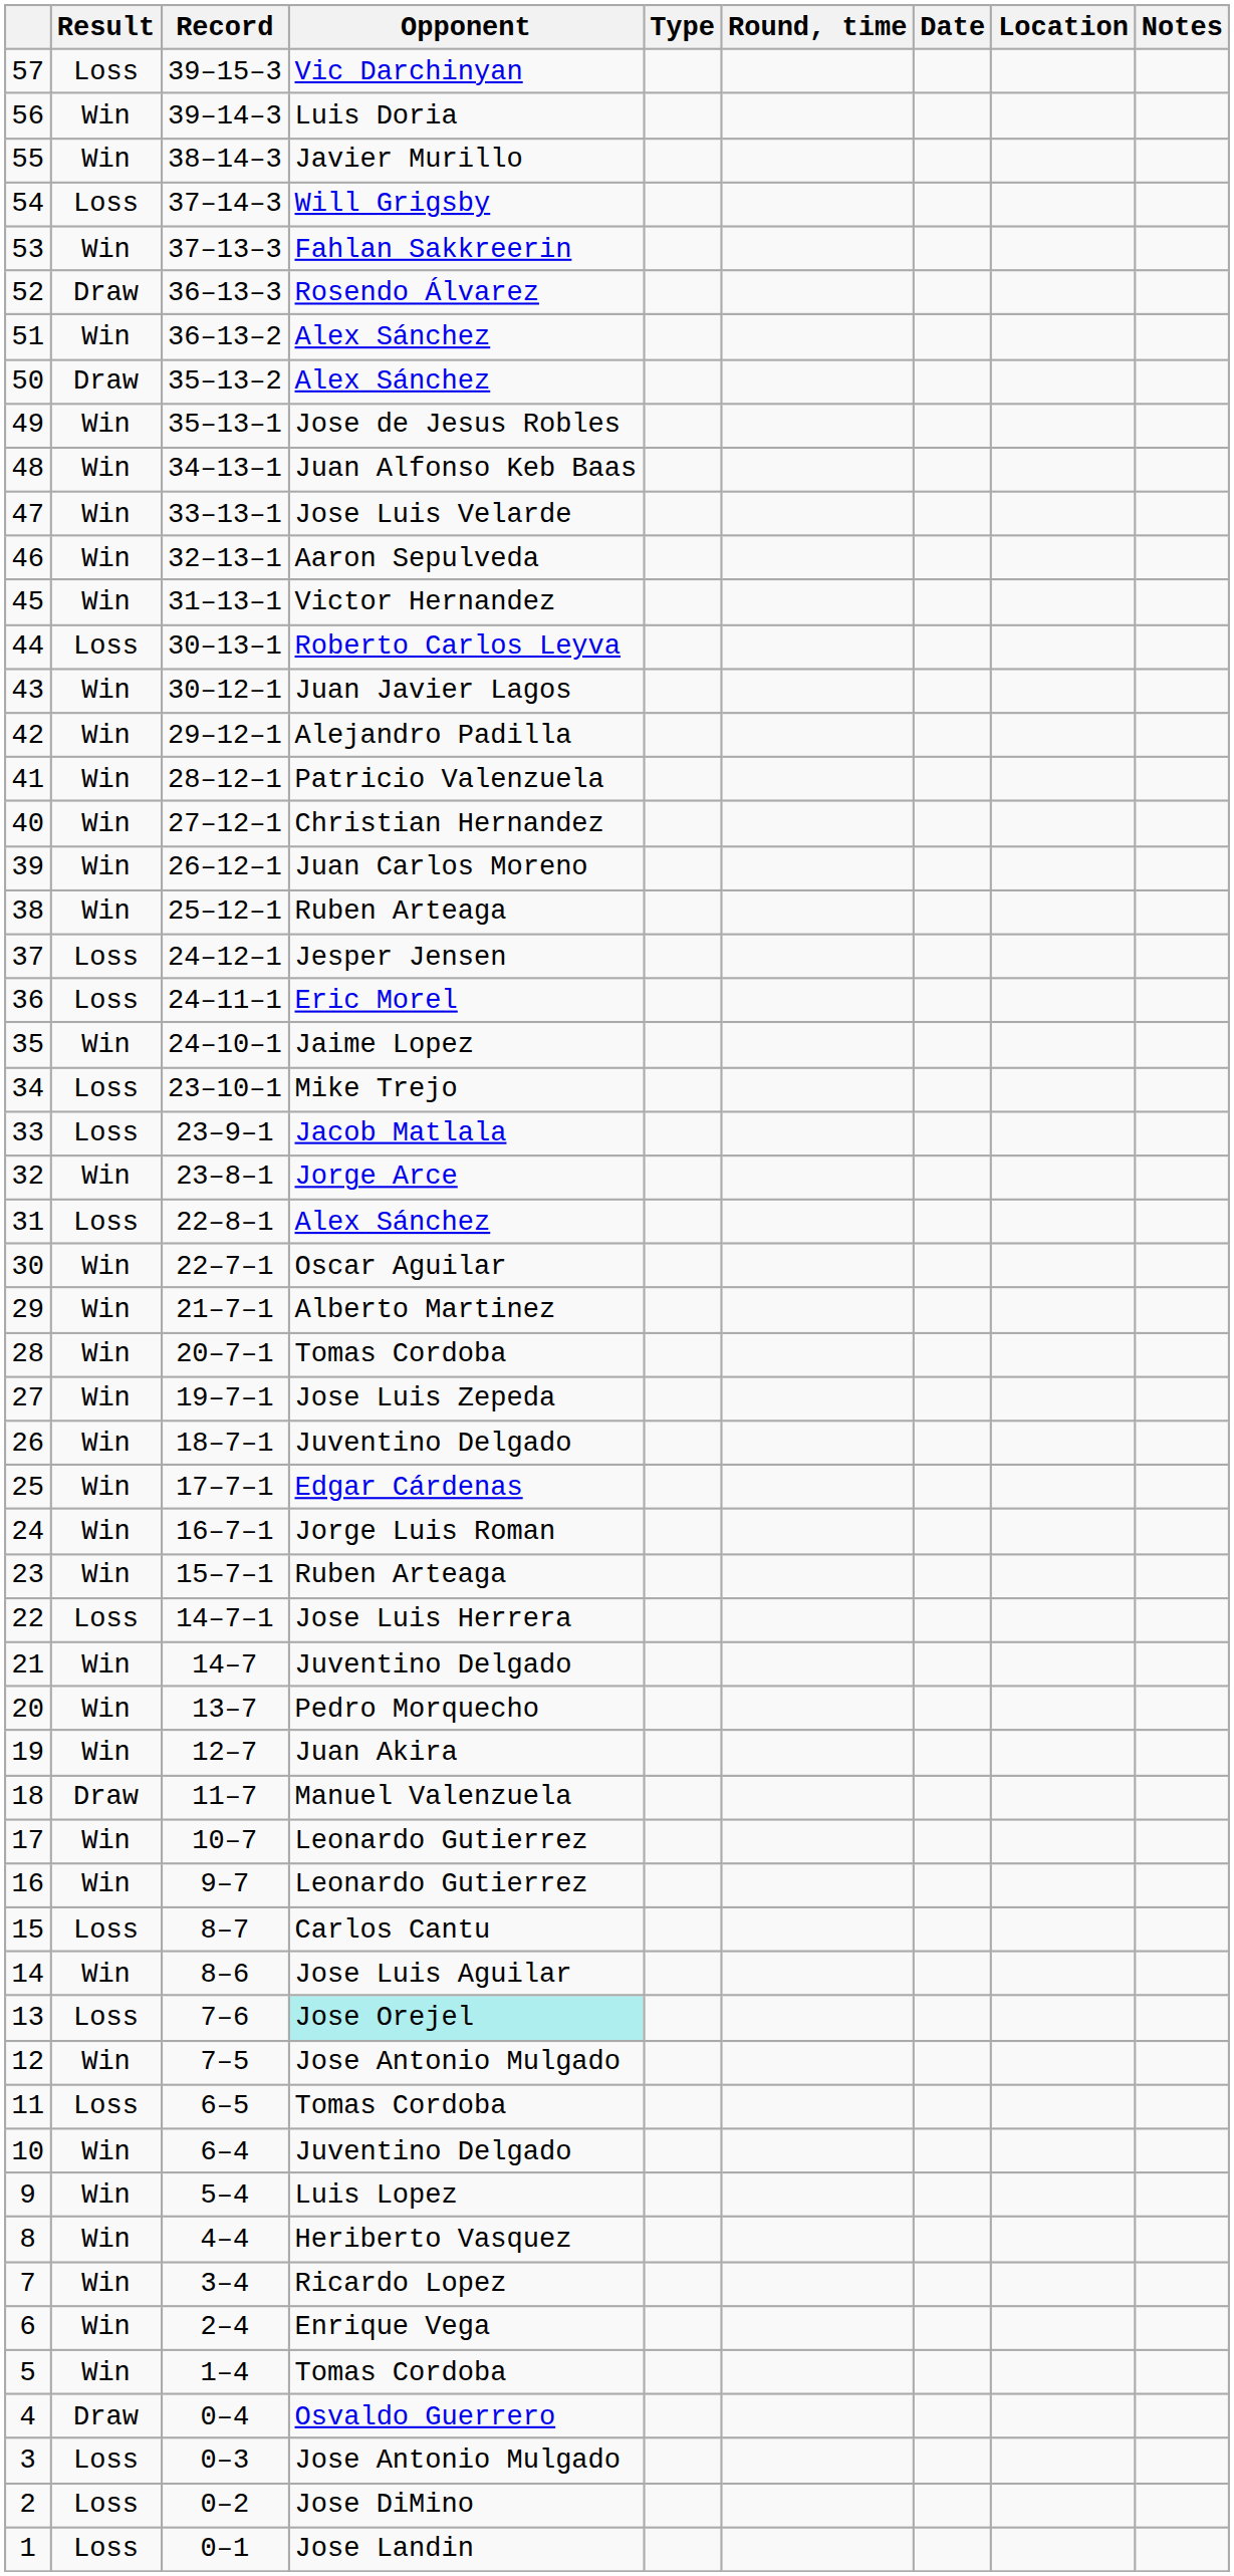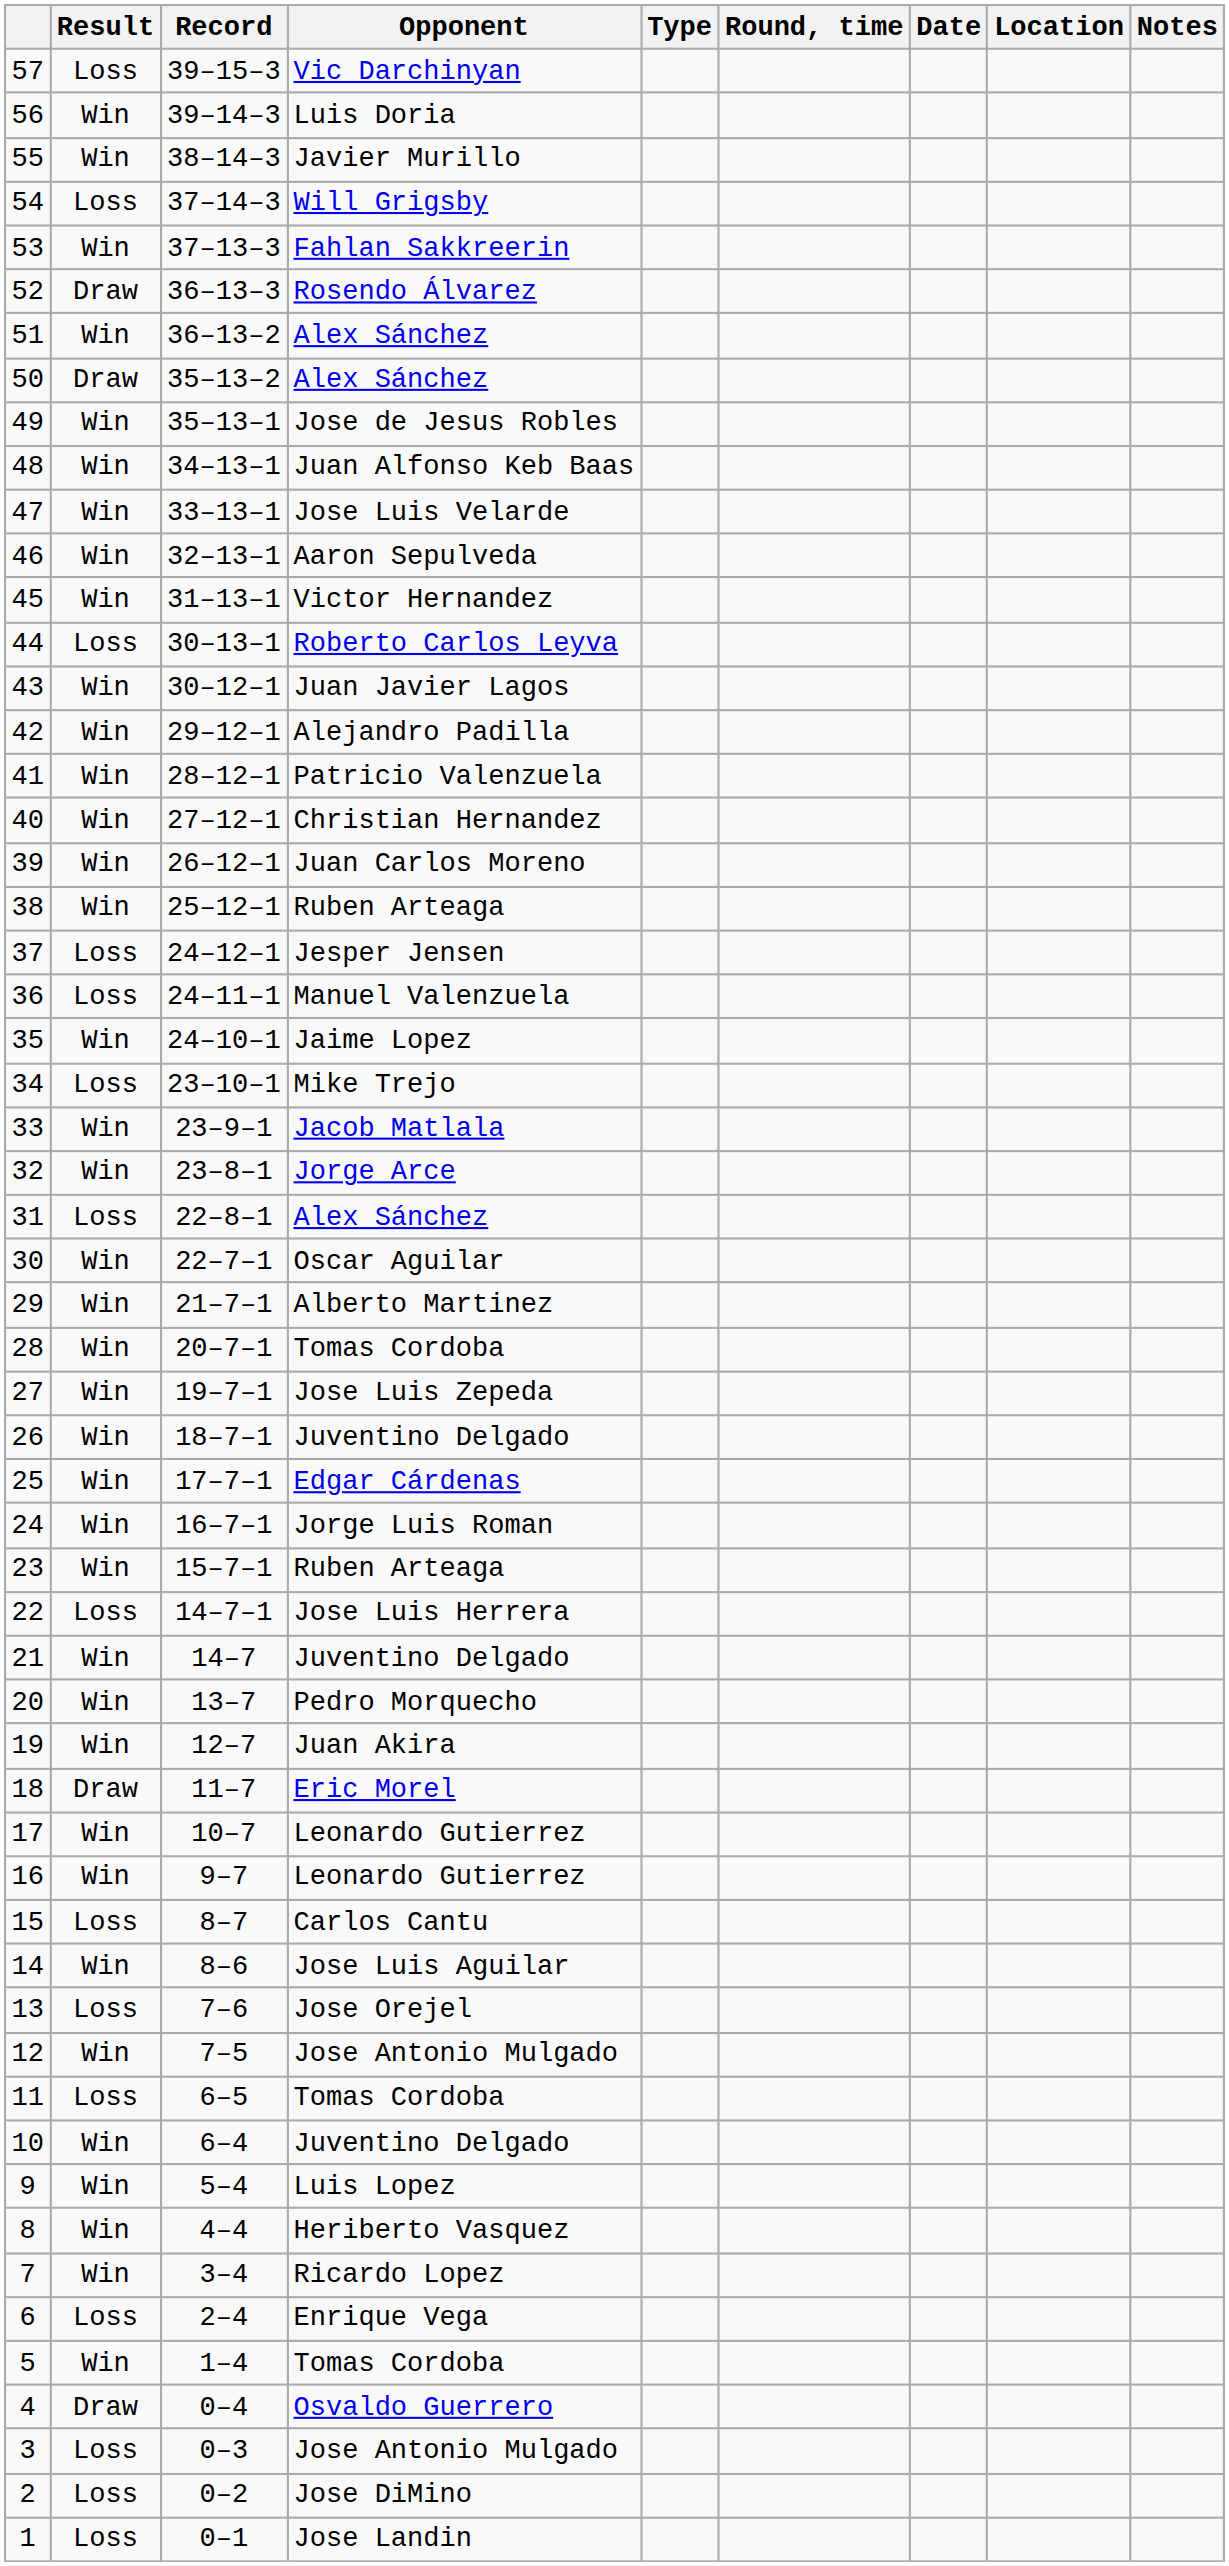 <table class="wikitable" style="text-align:center">
 <tr>
 <th></th>
 <th>Result</th>
 <th>Record</th>
 <th>Opponent</th>
 <th>Type</th>
 <th>Round, time</th>
 <th>Date</th>
 <th>Location</th>
 <th>Notes</th>
 </tr>
 <tr>
 <td>57</td>
 <td>Loss</td>
 <td>39–15–3</td>
 <td align=left><a href='#'>Vic Darchinyan</a></td>
 <td></td>
 <td></td>
 <td></td>
 <td align=left></td>
 <td align=left></td>
 </tr>
 <tr>
 <td>56</td>
 <td>Win</td>
 <td>39–14–3</td>
 <td align=left>Luis Doria</td>
 <td></td>
 <td></td>
 <td></td>
 <td align=left></td>
 <td align=left></td>
 </tr>
 <tr>
 <td>55</td>
 <td>Win</td>
 <td>38–14–3</td>
 <td align=left>Javier Murillo</td>
 <td></td>
 <td></td>
 <td></td>
 <td align=left></td>
 <td align=left></td>
 </tr>
 <tr>
 <td>54</td>
 <td>Loss</td>
 <td>37–14–3</td>
 <td align=left><a href='#'>Will Grigsby</a></td>
 <td></td>
 <td></td>
 <td></td>
 <td align=left></td>
 <td align=left></td>
 </tr>
 <tr>
 <td>53</td>
 <td>Win</td>
 <td>37–13–3</td>
 <td align=left><a href='#'>Fahlan Sakkreerin</a></td>
 <td></td>
 <td></td>
 <td></td>
 <td align=left></td>
 <td align=left></td>
 </tr>
 <tr>
 <td>52</td>
 <td>Draw</td>
 <td>36–13–3</td>
 <td align=left><a href='#'>Rosendo Álvarez</a></td>
 <td></td>
 <td></td>
 <td></td>
 <td align=left></td>
 <td align=left></td>
 </tr>
 <tr>
 <td>51</td>
 <td>Win</td>
 <td>36–13–2</td>
 <td align=left><a href='#'>Alex Sánchez</a></td>
 <td></td>
 <td></td>
 <td></td>
 <td align=left></td>
 <td align=left></td>
 </tr>
 <tr>
 <td>50</td>
 <td>Draw</td>
 <td>35–13–2</td>
 <td align=left><a href='#'>Alex Sánchez</a></td>
 <td></td>
 <td></td>
 <td></td>
 <td align=left></td>
 <td align=left></td>
 </tr>
 <tr>
 <td>49</td>
 <td>Win</td>
 <td>35–13–1</td>
 <td align=left>Jose de Jesus Robles</td>
 <td></td>
 <td></td>
 <td></td>
 <td align=left></td>
 <td align=left></td>
 </tr>
 <tr>
 <td>48</td>
 <td>Win</td>
 <td>34–13–1</td>
 <td align=left>Juan Alfonso Keb Baas</td>
 <td></td>
 <td></td>
 <td></td>
 <td align=left></td>
 <td align=left></td>
 </tr>
 <tr>
 <td>47</td>
 <td>Win</td>
 <td>33–13–1</td>
 <td align=left>Jose Luis Velarde</td>
 <td></td>
 <td></td>
 <td></td>
 <td align=left></td>
 <td align=left></td>
 </tr>
 <tr>
 <td>46</td>
 <td>Win</td>
 <td>32–13–1</td>
 <td align=left>Aaron Sepulveda</td>
 <td></td>
 <td></td>
 <td></td>
 <td align=left></td>
 <td align=left></td>
 </tr>
 <tr>
 <td>45</td>
 <td>Win</td>
 <td>31–13–1</td>
 <td align=left>Victor Hernandez</td>
 <td></td>
 <td></td>
 <td></td>
 <td align=left></td>
 <td align=left></td>
 </tr>
 <tr>
 <td>44</td>
 <td>Loss</td>
 <td>30–13–1</td>
 <td align=left><a href='#'>Roberto Carlos Leyva</a></td>
 <td></td>
 <td></td>
 <td></td>
 <td align=left></td>
 <td align=left></td>
 </tr>
 <tr>
 <td>43</td>
 <td>Win</td>
 <td>30–12–1</td>
 <td align=left>Juan Javier Lagos</td>
 <td></td>
 <td></td>
 <td></td>
 <td align=left></td>
 <td align=left></td>
 </tr>
 <tr>
 <td>42</td>
 <td>Win</td>
 <td>29–12–1</td>
 <td align=left>Alejandro Padilla</td>
 <td></td>
 <td></td>
 <td></td>
 <td align=left></td>
 <td align=left></td>
 </tr>
 <tr>
 <td>41</td>
 <td>Win</td>
 <td>28–12–1</td>
 <td align=left>Patricio Valenzuela</td>
 <td></td>
 <td></td>
 <td></td>
 <td align=left></td>
 <td align=left></td>
 </tr>
 <tr>
 <td>40</td>
 <td>Win</td>
 <td>27–12–1</td>
 <td align=left>Christian Hernandez</td>
 <td></td>
 <td></td>
 <td></td>
 <td align=left></td>
 <td align=left></td>
 </tr>
 <tr>
 <td>39</td>
 <td>Win</td>
 <td>26–12–1</td>
 <td align=left>Juan Carlos Moreno</td>
 <td></td>
 <td></td>
 <td></td>
 <td align=left></td>
 <td align=left></td>
 </tr>
 <tr>
 <td>38</td>
 <td>Win</td>
 <td>25–12–1</td>
 <td align=left>Ruben Arteaga</td>
 <td></td>
 <td></td>
 <td></td>
 <td align=left></td>
 <td align=left></td>
 </tr>
 <tr>
 <td>37</td>
 <td>Loss</td>
 <td>24–12–1</td>
 <td align=left>Jesper Jensen</td>
 <td></td>
 <td></td>
 <td></td>
 <td align=left></td>
 <td align=left></td>
 </tr>
 <tr>
 <td>36</td>
 <td>Loss</td>
 <td>24–11–1</td>
-<td align=left><a href='#'>Eric Morel</a></td>
+<td align=left>Manuel Valenzuela</td>
 <td></td>
 <td></td>
 <td></td>
 <td align=left></td>
 <td align=left></td>
 </tr>
 <tr>
 <td>35</td>
 <td>Win</td>
 <td>24–10–1</td>
 <td align=left>Jaime Lopez</td>
 <td></td>
 <td></td>
 <td></td>
 <td align=left></td>
 <td align=left></td>
 </tr>
 <tr>
 <td>34</td>
 <td>Loss</td>
 <td>23–10–1</td>
 <td align=left>Mike Trejo</td>
 <td></td>
 <td></td>
 <td></td>
 <td align=left></td>
 <td align=left></td>
 </tr>
 <tr>
 <td>33</td>
-<td>Loss</td>
+<td>Win</td>
 <td>23–9–1</td>
 <td align=left><a href='#'>Jacob Matlala</a></td>
 <td></td>
 <td></td>
 <td></td>
 <td align=left></td>
 <td align=left></td>
 </tr>
 <tr>
 <td>32</td>
 <td>Win</td>
 <td>23–8–1</td>
 <td align=left><a href='#'>Jorge Arce</a></td>
 <td></td>
 <td></td>
 <td></td>
 <td align=left></td>
 <td align=left></td>
 </tr>
 <tr>
 <td>31</td>
 <td>Loss</td>
 <td>22–8–1</td>
 <td align=left><a href='#'>Alex Sánchez</a></td>
 <td></td>
 <td></td>
 <td></td>
 <td align=left></td>
 <td align=left></td>
 </tr>
 <tr>
 <td>30</td>
 <td>Win</td>
 <td>22–7–1</td>
 <td align=left>Oscar Aguilar</td>
 <td></td>
 <td></td>
 <td></td>
 <td align=left></td>
 <td align=left></td>
 </tr>
 <tr>
 <td>29</td>
 <td>Win</td>
 <td>21–7–1</td>
 <td align=left>Alberto Martinez</td>
 <td></td>
 <td></td>
 <td></td>
 <td align=left></td>
 <td align=left></td>
 </tr>
 <tr>
 <td>28</td>
 <td>Win</td>
 <td>20–7–1</td>
 <td align=left>Tomas Cordoba</td>
 <td></td>
 <td></td>
 <td></td>
 <td align=left></td>
 <td align=left></td>
 </tr>
 <tr>
 <td>27</td>
 <td>Win</td>
 <td>19–7–1</td>
 <td align=left>Jose Luis Zepeda</td>
 <td></td>
 <td></td>
 <td></td>
 <td align=left></td>
 <td align=left></td>
 </tr>
 <tr>
 <td>26</td>
 <td>Win</td>
 <td>18–7–1</td>
 <td align=left>Juventino Delgado</td>
 <td></td>
 <td></td>
 <td></td>
 <td align=left></td>
 <td align=left></td>
 </tr>
 <tr>
 <td>25</td>
 <td>Win</td>
 <td>17–7–1</td>
 <td align=left><a href='#'>Edgar Cárdenas</a></td>
 <td></td>
 <td></td>
 <td></td>
 <td align=left></td>
 <td align=left></td>
 </tr>
 <tr>
 <td>24</td>
 <td>Win</td>
 <td>16–7–1</td>
 <td align=left>Jorge Luis Roman</td>
 <td></td>
 <td></td>
 <td></td>
 <td align=left></td>
 <td align=left></td>
 </tr>
 <tr>
 <td>23</td>
 <td>Win</td>
 <td>15–7–1</td>
 <td align=left>Ruben Arteaga</td>
 <td></td>
 <td></td>
 <td></td>
 <td align=left></td>
 <td align=left></td>
 </tr>
 <tr>
 <td>22</td>
 <td>Loss</td>
 <td>14–7–1</td>
 <td align=left>Jose Luis Herrera</td>
 <td></td>
 <td></td>
 <td></td>
 <td align=left></td>
 <td align=left></td>
 </tr>
 <tr>
 <td>21</td>
 <td>Win</td>
 <td>14–7</td>
 <td align=left>Juventino Delgado</td>
 <td></td>
 <td></td>
 <td></td>
 <td align=left></td>
 <td align=left></td>
 </tr>
 <tr>
 <td>20</td>
 <td>Win</td>
 <td>13–7</td>
 <td align=left>Pedro Morquecho</td>
 <td></td>
 <td></td>
 <td></td>
 <td align=left></td>
 <td align=left></td>
 </tr>
 <tr>
 <td>19</td>
 <td>Win</td>
 <td>12–7</td>
 <td align=left>Juan Akira</td>
 <td></td>
 <td></td>
 <td></td>
 <td align=left></td>
 <td align=left></td>
 </tr>
 <tr>
 <td>18</td>
 <td>Draw</td>
 <td>11–7</td>
-<td align=left>Manuel Valenzuela</td>
+<td align=left><a href='#'>Eric Morel</a></td>
 <td></td>
 <td></td>
 <td></td>
 <td align=left></td>
 <td align=left></td>
 </tr>
 <tr>
 <td>17</td>
 <td>Win</td>
 <td>10–7</td>
 <td align=left>Leonardo Gutierrez</td>
 <td></td>
 <td></td>
 <td></td>
 <td align=left></td>
 <td align=left></td>
 </tr>
 <tr>
 <td>16</td>
 <td>Win</td>
 <td>9–7</td>
 <td align=left>Leonardo Gutierrez</td>
 <td></td>
 <td></td>
 <td></td>
 <td align=left></td>
 <td align=left></td>
 </tr>
 <tr>
 <td>15</td>
 <td>Loss</td>
 <td>8–7</td>
 <td align=left>Carlos Cantu</td>
 <td></td>
 <td></td>
 <td></td>
 <td align=left></td>
 <td align=left></td>
 </tr>
 <tr>
 <td>14</td>
 <td>Win</td>
 <td>8–6</td>
 <td align=left>Jose Luis Aguilar</td>
 <td></td>
 <td></td>
 <td></td>
 <td align=left></td>
 <td align=left></td>
 </tr>
 <tr>
 <td>13</td>
 <td>Loss</td>
 <td>7–6</td>
-<td align=left style="background: paleturquoise;">Jose Orejel</td>
+<td align=left>Jose Orejel</td>
 <td></td>
 <td></td>
 <td></td>
 <td align=left></td>
 <td align=left></td>
 </tr>
 <tr>
 <td>12</td>
 <td>Win</td>
 <td>7–5</td>
 <td align=left>Jose Antonio Mulgado</td>
 <td></td>
 <td></td>
 <td></td>
 <td align=left></td>
 <td align=left></td>
 </tr>
 <tr>
 <td>11</td>
 <td>Loss</td>
 <td>6–5</td>
 <td align=left>Tomas Cordoba</td>
 <td></td>
 <td></td>
 <td></td>
 <td align=left></td>
 <td align=left></td>
 </tr>
 <tr>
 <td>10</td>
 <td>Win</td>
 <td>6–4</td>
 <td align=left>Juventino Delgado</td>
 <td></td>
 <td></td>
 <td></td>
 <td align=left></td>
 <td align=left></td>
 </tr>
 <tr>
 <td>9</td>
 <td>Win</td>
 <td>5–4</td>
 <td align=left>Luis Lopez</td>
 <td></td>
 <td></td>
 <td></td>
 <td align=left></td>
 <td align=left></td>
 </tr>
 <tr>
 <td>8</td>
 <td>Win</td>
 <td>4–4</td>
 <td align=left>Heriberto Vasquez</td>
 <td></td>
 <td></td>
 <td></td>
 <td align=left></td>
 <td align=left></td>
 </tr>
 <tr>
 <td>7</td>
 <td>Win</td>
 <td>3–4</td>
 <td align=left>Ricardo Lopez</td>
 <td></td>
 <td></td>
 <td></td>
 <td align=left></td>
 <td align=left></td>
 </tr>
 <tr>
 <td>6</td>
-<td>Win</td>
+<td>Loss</td>
 <td>2–4</td>
 <td align=left>Enrique Vega</td>
 <td></td>
 <td></td>
 <td></td>
 <td align=left></td>
 <td align=left></td>
 </tr>
 <tr>
 <td>5</td>
 <td>Win</td>
 <td>1–4</td>
 <td align=left>Tomas Cordoba</td>
 <td></td>
 <td></td>
 <td></td>
 <td align=left></td>
 <td align=left></td>
 </tr>
 <tr>
 <td>4</td>
 <td>Draw</td>
 <td>0–4</td>
 <td align=left><a href='#'>Osvaldo Guerrero</a></td>
 <td></td>
 <td></td>
 <td></td>
 <td align=left></td>
 <td align=left></td>
 </tr>
 <tr>
 <td>3</td>
 <td>Loss</td>
 <td>0–3</td>
 <td align=left>Jose Antonio Mulgado</td>
 <td></td>
 <td></td>
 <td></td>
 <td align=left></td>
 <td align=left></td>
 </tr>
 <tr>
 <td>2</td>
 <td>Loss</td>
 <td>0–2</td>
 <td align=left>Jose DiMino</td>
 <td></td>
 <td></td>
 <td></td>
 <td align=left></td>
 <td align=left></td>
 </tr>
 <tr>
 <td>1</td>
 <td>Loss</td>
 <td>0–1</td>
 <td align=left>Jose Landin</td>
 <td></td>
 <td></td>
 <td></td>
 <td align=left></td>
 <td align=left></td>
 </tr>
 </table>
